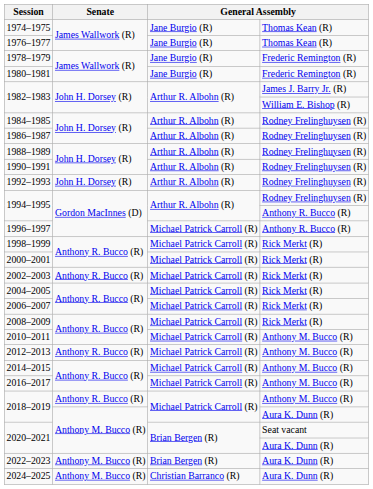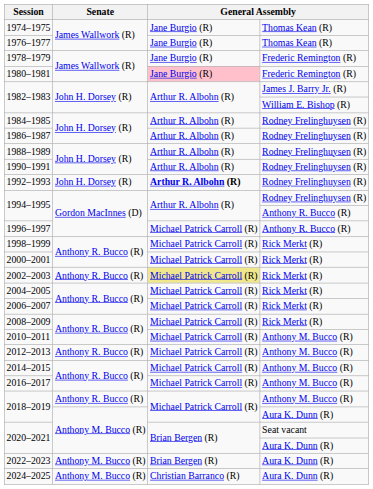 <table class="wikitable">
 <tr>
 <th>Session</th>
 <th>Senate</th>
 <th colspan=2>General Assembly</th>
 </tr>
 <tr>
 <td>1974–1975</td>
 <td rowspan=2 ><a href='#'>James Wallwork</a> (R)</td>
 <td><a href='#'>Jane Burgio</a> (R)</td>
 <td><a href='#'>Thomas Kean</a> (R)</td>
 </tr>
 <tr>
 <td>1976–1977</td>
 <td><a href='#'>Jane Burgio</a> (R)</td>
 <td><a href='#'>Thomas Kean</a> (R)</td>
 </tr>
 <tr>
 <td>1978–1979</td>
 <td rowspan=2 ><a href='#'>James Wallwork</a> (R)</td>
 <td><a href='#'>Jane Burgio</a> (R)</td>
 <td><a href='#'>Frederic Remington</a> (R)</td>
 </tr>
 <tr>
 <td>1980–1981</td>
-<td><a href='#'>Jane Burgio</a> (R)</td>
+<td style="background: pink;"><a href='#'>Jane Burgio</a> (R)</td>
 <td><a href='#'>Frederic Remington</a> (R)</td>
 </tr>
 <tr>
 <td rowspan=2>1982–1983</td>
 <td rowspan=2 ><a href='#'>John H. Dorsey</a> (R)</td>
 <td rowspan=2 ><a href='#'>Arthur R. Albohn</a> (R)</td>
 <td><a href='#'>James J. Barry Jr.</a> (R)</td>
 </tr>
 <tr>
 <td><a href='#'>William E. Bishop</a> (R)</td>
 </tr>
 <tr>
 <td>1984–1985</td>
 <td rowspan=2 ><a href='#'>John H. Dorsey</a> (R)</td>
 <td><a href='#'>Arthur R. Albohn</a> (R)</td>
 <td><a href='#'>Rodney Frelinghuysen</a> (R)</td>
 </tr>
 <tr>
 <td>1986–1987</td>
 <td><a href='#'>Arthur R. Albohn</a> (R)</td>
 <td><a href='#'>Rodney Frelinghuysen</a> (R)</td>
 </tr>
 <tr>
 <td>1988–1989</td>
 <td rowspan=2 ><a href='#'>John H. Dorsey</a> (R)</td>
 <td><a href='#'>Arthur R. Albohn</a> (R)</td>
 <td><a href='#'>Rodney Frelinghuysen</a> (R)</td>
 </tr>
 <tr>
 <td>1990–1991</td>
 <td><a href='#'>Arthur R. Albohn</a> (R)</td>
 <td><a href='#'>Rodney Frelinghuysen</a> (R)</td>
 </tr>
 <tr>
 <td>1992–1993</td>
 <td><a href='#'>John H. Dorsey</a> (R)</td>
-<td><a href='#'>Arthur R. Albohn</a> (R)</td>
+<td><strong><a href='#'>Arthur R. Albohn</a> (R)</strong></td>
 <td><a href='#'>Rodney Frelinghuysen</a> (R)</td>
 </tr>
 <tr>
 <td rowspan=2>1994–1995</td>
 <td rowspan=3 ><a href='#'>Gordon MacInnes</a> (D)</td>
 <td rowspan=2 ><a href='#'>Arthur R. Albohn</a> (R)</td>
 <td><a href='#'>Rodney Frelinghuysen</a> (R)</td>
 </tr>
 <tr>
 <td><a href='#'>Anthony R. Bucco</a> (R)</td>
 </tr>
 <tr>
 <td>1996–1997</td>
 <td><a href='#'>Michael Patrick Carroll</a> (R)</td>
 <td><a href='#'>Anthony R. Bucco</a> (R)</td>
 </tr>
 <tr>
 <td>1998–1999</td>
 <td rowspan=2 ><a href='#'>Anthony R. Bucco</a> (R)</td>
 <td><a href='#'>Michael Patrick Carroll</a> (R)</td>
 <td><a href='#'>Rick Merkt</a> (R)</td>
 </tr>
 <tr>
 <td>2000–2001</td>
 <td><a href='#'>Michael Patrick Carroll</a> (R)</td>
 <td><a href='#'>Rick Merkt</a> (R)</td>
 </tr>
 <tr>
 <td>2002–2003</td>
 <td><a href='#'>Anthony R. Bucco</a> (R)</td>
-<td><a href='#'>Michael Patrick Carroll</a> (R)</td>
+<td style="background: khaki;"><a href='#'>Michael Patrick Carroll</a> (R)</td>
 <td><a href='#'>Rick Merkt</a> (R)</td>
 </tr>
 <tr>
 <td>2004–2005</td>
 <td rowspan=2 ><a href='#'>Anthony R. Bucco</a> (R)</td>
 <td><a href='#'>Michael Patrick Carroll</a> (R)</td>
 <td><a href='#'>Rick Merkt</a> (R)</td>
 </tr>
 <tr>
 <td>2006–2007</td>
 <td><a href='#'>Michael Patrick Carroll</a> (R)</td>
 <td><a href='#'>Rick Merkt</a> (R)</td>
 </tr>
 <tr>
 <td>2008–2009</td>
 <td rowspan=2 ><a href='#'>Anthony R. Bucco</a> (R)</td>
 <td><a href='#'>Michael Patrick Carroll</a> (R)</td>
 <td><a href='#'>Rick Merkt</a> (R)</td>
 </tr>
 <tr>
 <td>2010–2011</td>
 <td><a href='#'>Michael Patrick Carroll</a> (R)</td>
 <td><a href='#'>Anthony M. Bucco</a> (R)</td>
 </tr>
 <tr>
 <td>2012–2013</td>
 <td><a href='#'>Anthony R. Bucco</a> (R)</td>
 <td><a href='#'>Michael Patrick Carroll</a> (R)</td>
 <td><a href='#'>Anthony M. Bucco</a> (R)</td>
 </tr>
 <tr>
 <td>2014–2015</td>
 <td rowspan=2 ><a href='#'>Anthony R. Bucco</a> (R)</td>
 <td><a href='#'>Michael Patrick Carroll</a> (R)</td>
 <td><a href='#'>Anthony M. Bucco</a> (R)</td>
 </tr>
 <tr>
 <td>2016–2017</td>
 <td><a href='#'>Michael Patrick Carroll</a> (R)</td>
 <td><a href='#'>Anthony M. Bucco</a> (R)</td>
 </tr>
 <tr>
 <td rowspan=2>2018–2019</td>
 <td><a href='#'>Anthony R. Bucco</a> (R)</td>
 <td rowspan=2 ><a href='#'>Michael Patrick Carroll</a> (R)</td>
 <td><a href='#'>Anthony M. Bucco</a> (R)</td>
 </tr>
 <tr>
 <td rowspan=3 ><a href='#'>Anthony M. Bucco</a> (R)</td>
 <td><a href='#'>Aura K. Dunn</a> (R)</td>
 </tr>
 <tr>
 <td rowspan=2>2020–2021</td>
 <td rowspan=2 ><a href='#'>Brian Bergen</a> (R)</td>
 <td>Seat vacant</td>
 </tr>
 <tr>
 <td><a href='#'>Aura K. Dunn</a> (R)</td>
 </tr>
 <tr>
 <td>2022–2023</td>
 <td><a href='#'>Anthony M. Bucco</a> (R)</td>
 <td><a href='#'>Brian Bergen</a> (R)</td>
 <td><a href='#'>Aura K. Dunn</a> (R)</td>
 </tr>
 <tr>
 <td>2024–2025</td>
 <td><a href='#'>Anthony M. Bucco</a> (R)</td>
 <td><a href='#'>Christian Barranco</a> (R)</td>
 <td><a href='#'>Aura K. Dunn</a> (R)</td>
 </tr>
 </table>
